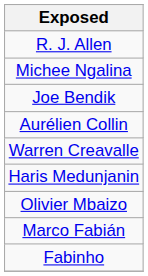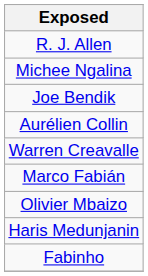 <table class="wikitable" style="text-align:center">
 <tr>
 <th>Exposed</th>
 </tr>
 <tr>
 <td><a href='#'>R. J. Allen</a></td>
 </tr>
 <tr>
 <td><a href='#'>Michee Ngalina</a></td>
 </tr>
 <tr>
 <td><a href='#'>Joe Bendik</a></td>
 </tr>
 <tr>
 <td><a href='#'>Aurélien Collin</a></td>
 </tr>
 <tr>
 <td><a href='#'>Warren Creavalle</a></td>
 </tr>
 <tr>
-<td><a href='#'>Haris Medunjanin</a></td>
+<td><a href='#'>Marco Fabián</a></td>
 </tr>
 <tr>
 <td><a href='#'>Olivier Mbaizo</a></td>
 </tr>
 <tr>
-<td><a href='#'>Marco Fabián</a></td>
+<td><a href='#'>Haris Medunjanin</a></td>
 </tr>
 <tr>
 <td><a href='#'>Fabinho</a></td>
 </tr>
 <tr>
 </tr>
 </table>
